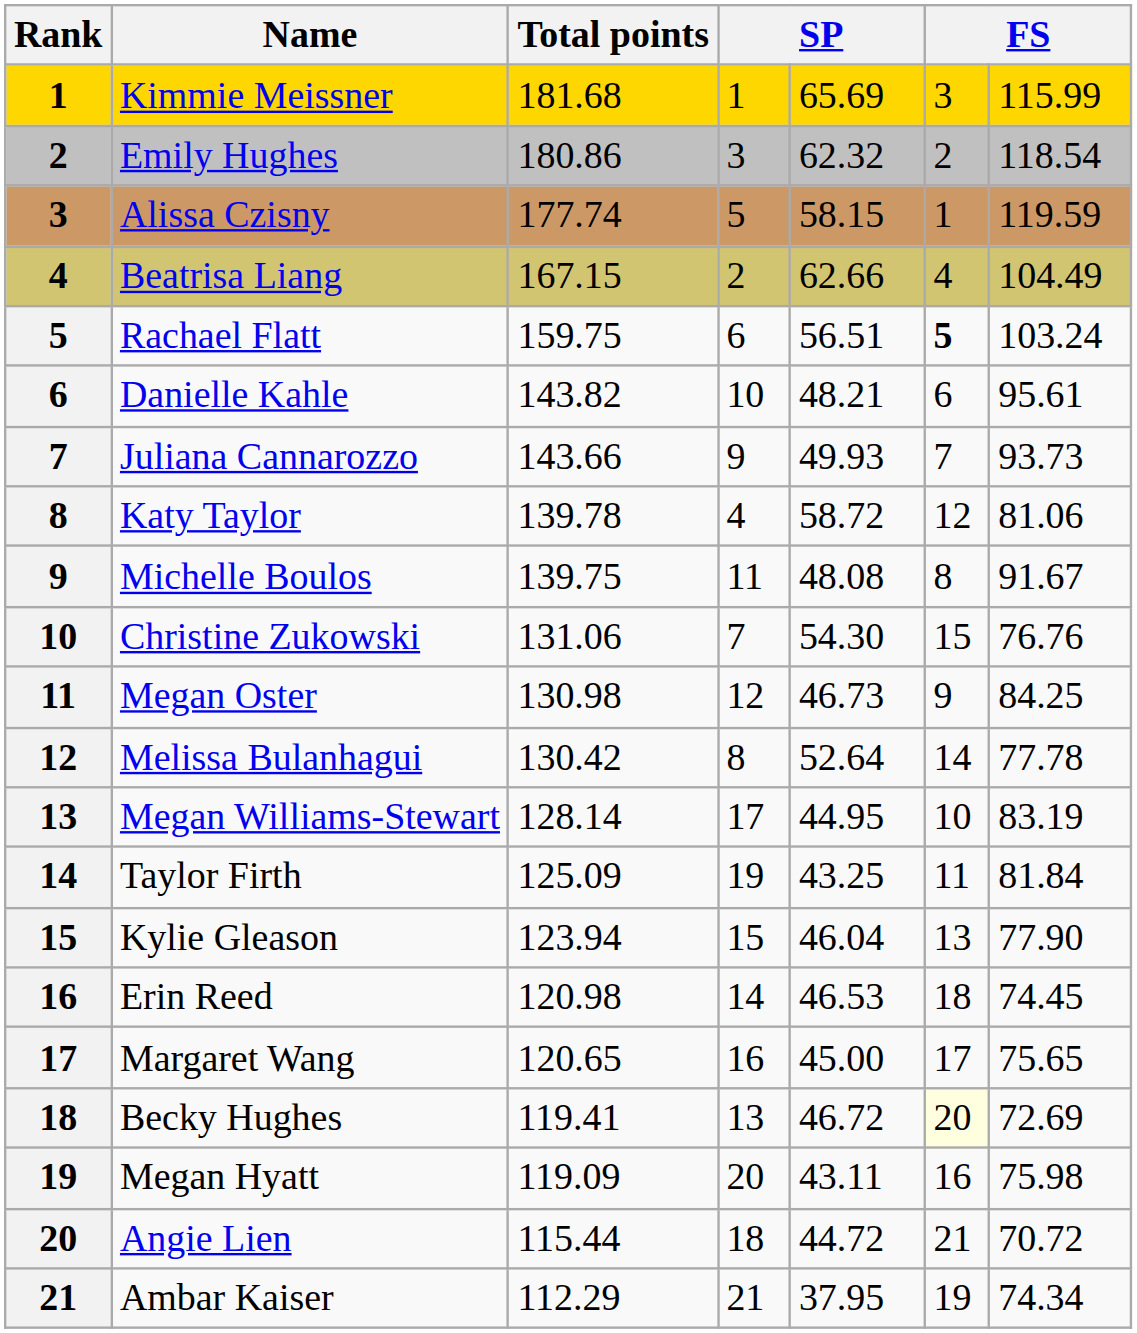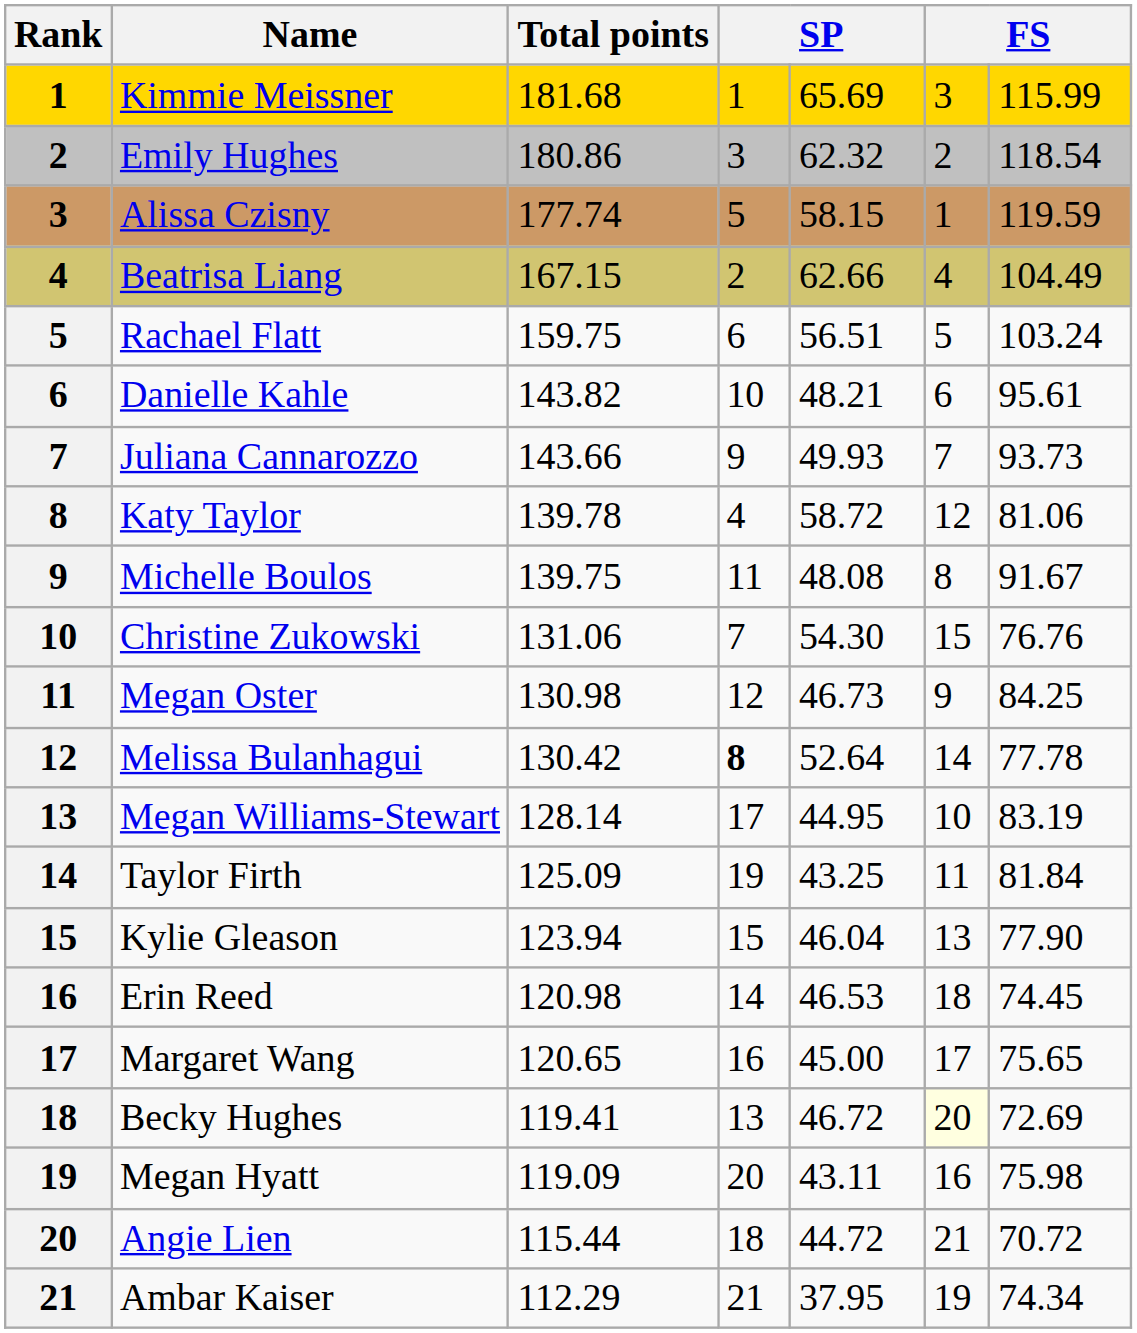 <table class="wikitable">
 <tr>
 <th>Rank</th>
 <th>Name</th>
 <th>Total points</th>
 <th colspan="2" width="80px"><a href='#'>SP</a></th>
 <th colspan="2" width="80px"><a href='#'>FS</a></th>
 </tr>
 <tr bgcolor="gold">
 <td align="center"><strong>1</strong></td>
 <td><a href='#'>Kimmie Meissner</a></td>
 <td>181.68</td>
 <td>1</td>
 <td>65.69</td>
 <td>3</td>
 <td>115.99</td>
 </tr>
 <tr bgcolor="silver">
 <td align="center"><strong>2</strong></td>
 <td><a href='#'>Emily Hughes</a></td>
 <td>180.86</td>
 <td>3</td>
 <td>62.32</td>
 <td>2</td>
 <td>118.54</td>
 </tr>
 <tr bgcolor="cc9966">
 <td align="center"><strong>3</strong></td>
 <td><a href='#'>Alissa Czisny</a></td>
 <td>177.74</td>
 <td>5</td>
 <td>58.15</td>
 <td>1</td>
 <td>119.59</td>
 </tr>
 <tr bgcolor="#d1c571">
 <td align="center"><strong>4</strong></td>
 <td><a href='#'>Beatrisa Liang</a></td>
 <td>167.15</td>
 <td>2</td>
 <td>62.66</td>
 <td>4</td>
 <td>104.49</td>
 </tr>
 <tr>
 <th>5</th>
 <td><a href='#'>Rachael Flatt</a></td>
 <td>159.75</td>
 <td>6</td>
 <td>56.51</td>
-<td><strong>5</strong></td>
+<td>5</td>
 <td>103.24</td>
 </tr>
 <tr>
 <th>6</th>
 <td><a href='#'>Danielle Kahle</a></td>
 <td>143.82</td>
 <td>10</td>
 <td>48.21</td>
 <td>6</td>
 <td>95.61</td>
 </tr>
 <tr>
 <th>7</th>
 <td><a href='#'>Juliana Cannarozzo</a></td>
 <td>143.66</td>
 <td>9</td>
 <td>49.93</td>
 <td>7</td>
 <td>93.73</td>
 </tr>
 <tr>
 <th>8</th>
 <td><a href='#'>Katy Taylor</a></td>
 <td>139.78</td>
 <td>4</td>
 <td>58.72</td>
 <td>12</td>
 <td>81.06</td>
 </tr>
 <tr>
 <th>9</th>
 <td><a href='#'>Michelle Boulos</a></td>
 <td>139.75</td>
 <td>11</td>
 <td>48.08</td>
 <td>8</td>
 <td>91.67</td>
 </tr>
 <tr>
 <th>10</th>
 <td><a href='#'>Christine Zukowski</a></td>
 <td>131.06</td>
 <td>7</td>
 <td>54.30</td>
 <td>15</td>
 <td>76.76</td>
 </tr>
 <tr>
 <th>11</th>
 <td><a href='#'>Megan Oster</a></td>
 <td>130.98</td>
 <td>12</td>
 <td>46.73</td>
 <td>9</td>
 <td>84.25</td>
 </tr>
 <tr>
 <th>12</th>
 <td><a href='#'>Melissa Bulanhagui</a></td>
 <td>130.42</td>
-<td>8</td>
+<td><strong>8</strong></td>
 <td>52.64</td>
 <td>14</td>
 <td>77.78</td>
 </tr>
 <tr>
 <th>13</th>
 <td><a href='#'>Megan Williams-Stewart</a></td>
 <td>128.14</td>
 <td>17</td>
 <td>44.95</td>
 <td>10</td>
 <td>83.19</td>
 </tr>
 <tr>
 <th>14</th>
 <td>Taylor Firth</td>
 <td>125.09</td>
 <td>19</td>
 <td>43.25</td>
 <td>11</td>
 <td>81.84</td>
 </tr>
 <tr>
 <th>15</th>
 <td>Kylie Gleason</td>
 <td>123.94</td>
 <td>15</td>
 <td>46.04</td>
 <td>13</td>
 <td>77.90</td>
 </tr>
 <tr>
 <th>16</th>
 <td>Erin Reed</td>
 <td>120.98</td>
 <td>14</td>
 <td>46.53</td>
 <td>18</td>
 <td>74.45</td>
 </tr>
 <tr>
 <th>17</th>
 <td>Margaret Wang</td>
 <td>120.65</td>
 <td>16</td>
 <td>45.00</td>
 <td>17</td>
 <td>75.65</td>
 </tr>
 <tr>
 <th>18</th>
 <td>Becky Hughes</td>
 <td>119.41</td>
 <td>13</td>
 <td>46.72</td>
 <td style="background: lightyellow;">20</td>
 <td>72.69</td>
 </tr>
 <tr>
 <th>19</th>
 <td>Megan Hyatt</td>
 <td>119.09</td>
 <td>20</td>
 <td>43.11</td>
 <td>16</td>
 <td>75.98</td>
 </tr>
 <tr>
 <th>20</th>
 <td><a href='#'>Angie Lien</a></td>
 <td>115.44</td>
 <td>18</td>
 <td>44.72</td>
 <td>21</td>
 <td>70.72</td>
 </tr>
 <tr>
 <th>21</th>
 <td>Ambar Kaiser</td>
 <td>112.29</td>
 <td>21</td>
 <td>37.95</td>
 <td>19</td>
 <td>74.34</td>
 </tr>
 </table>
